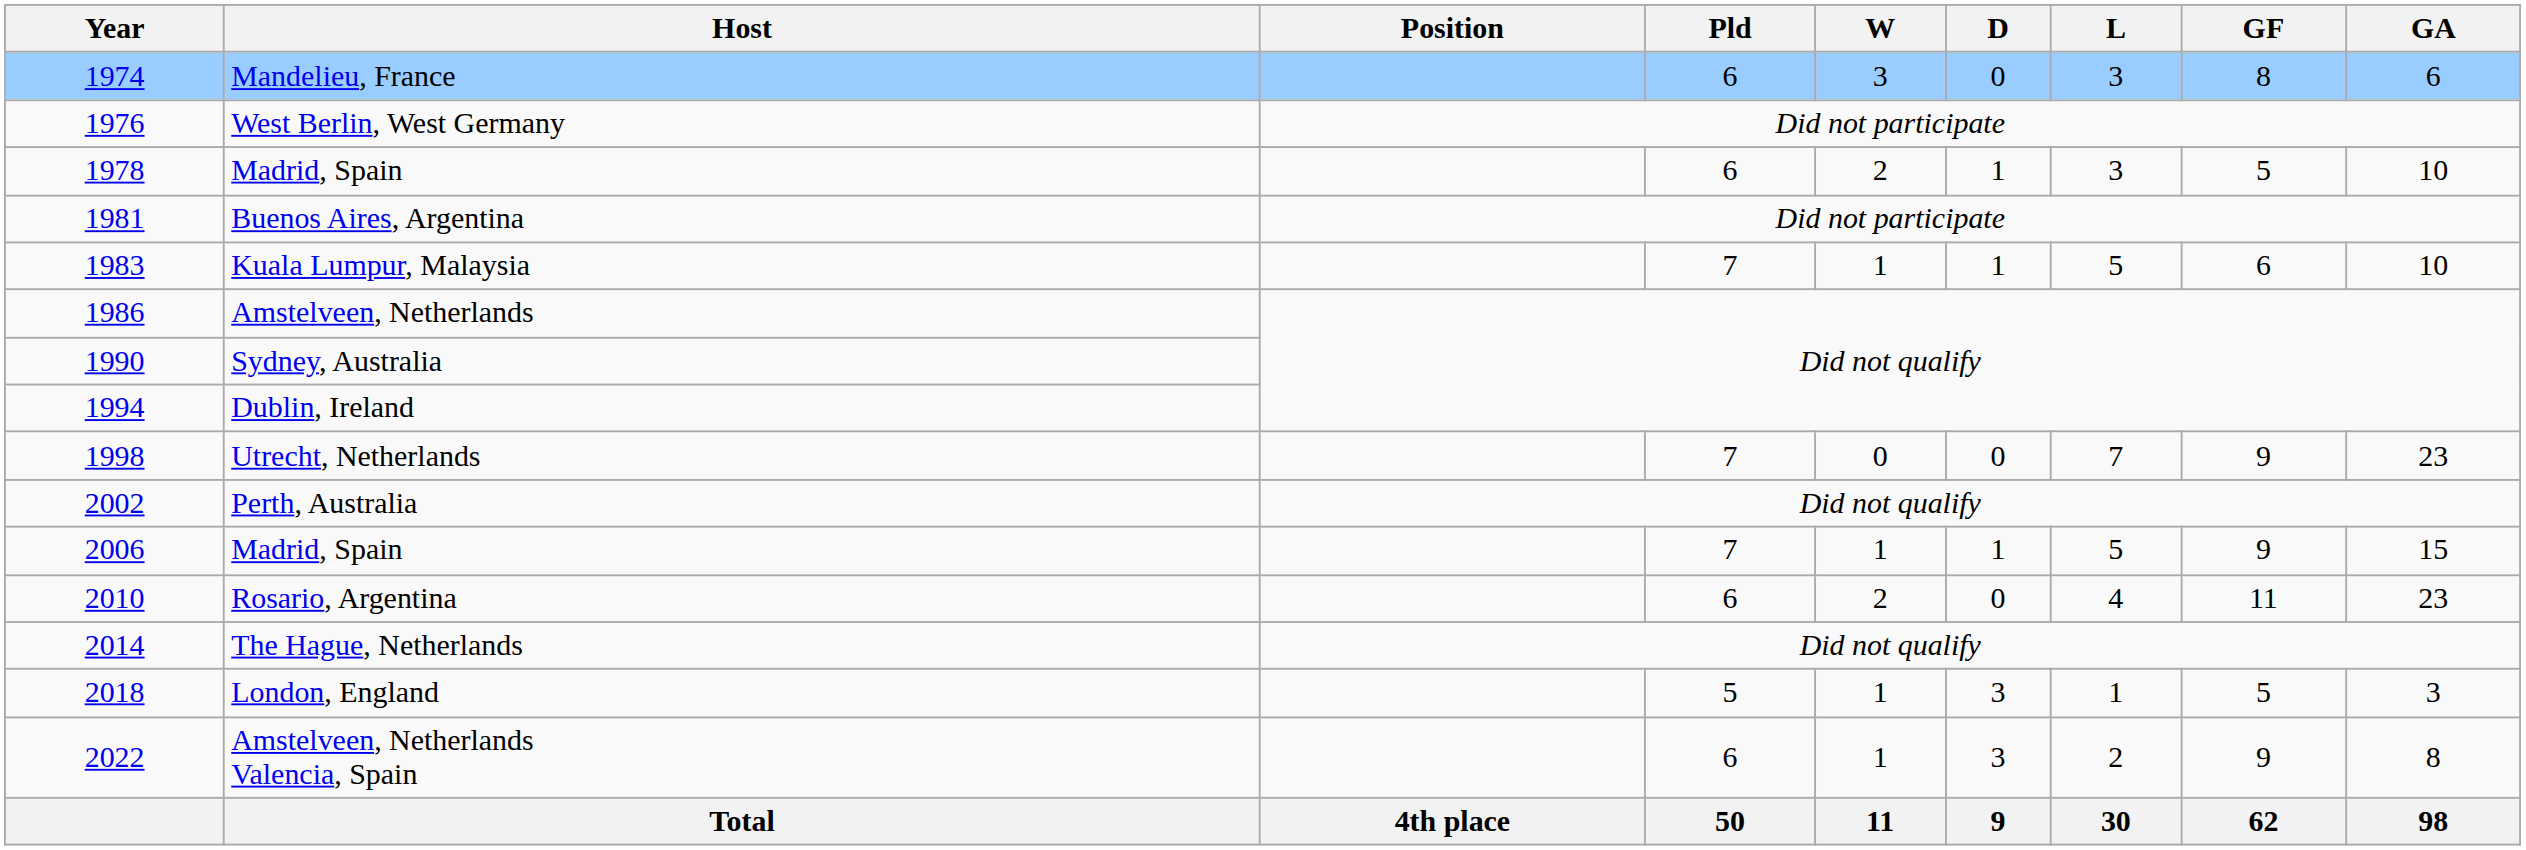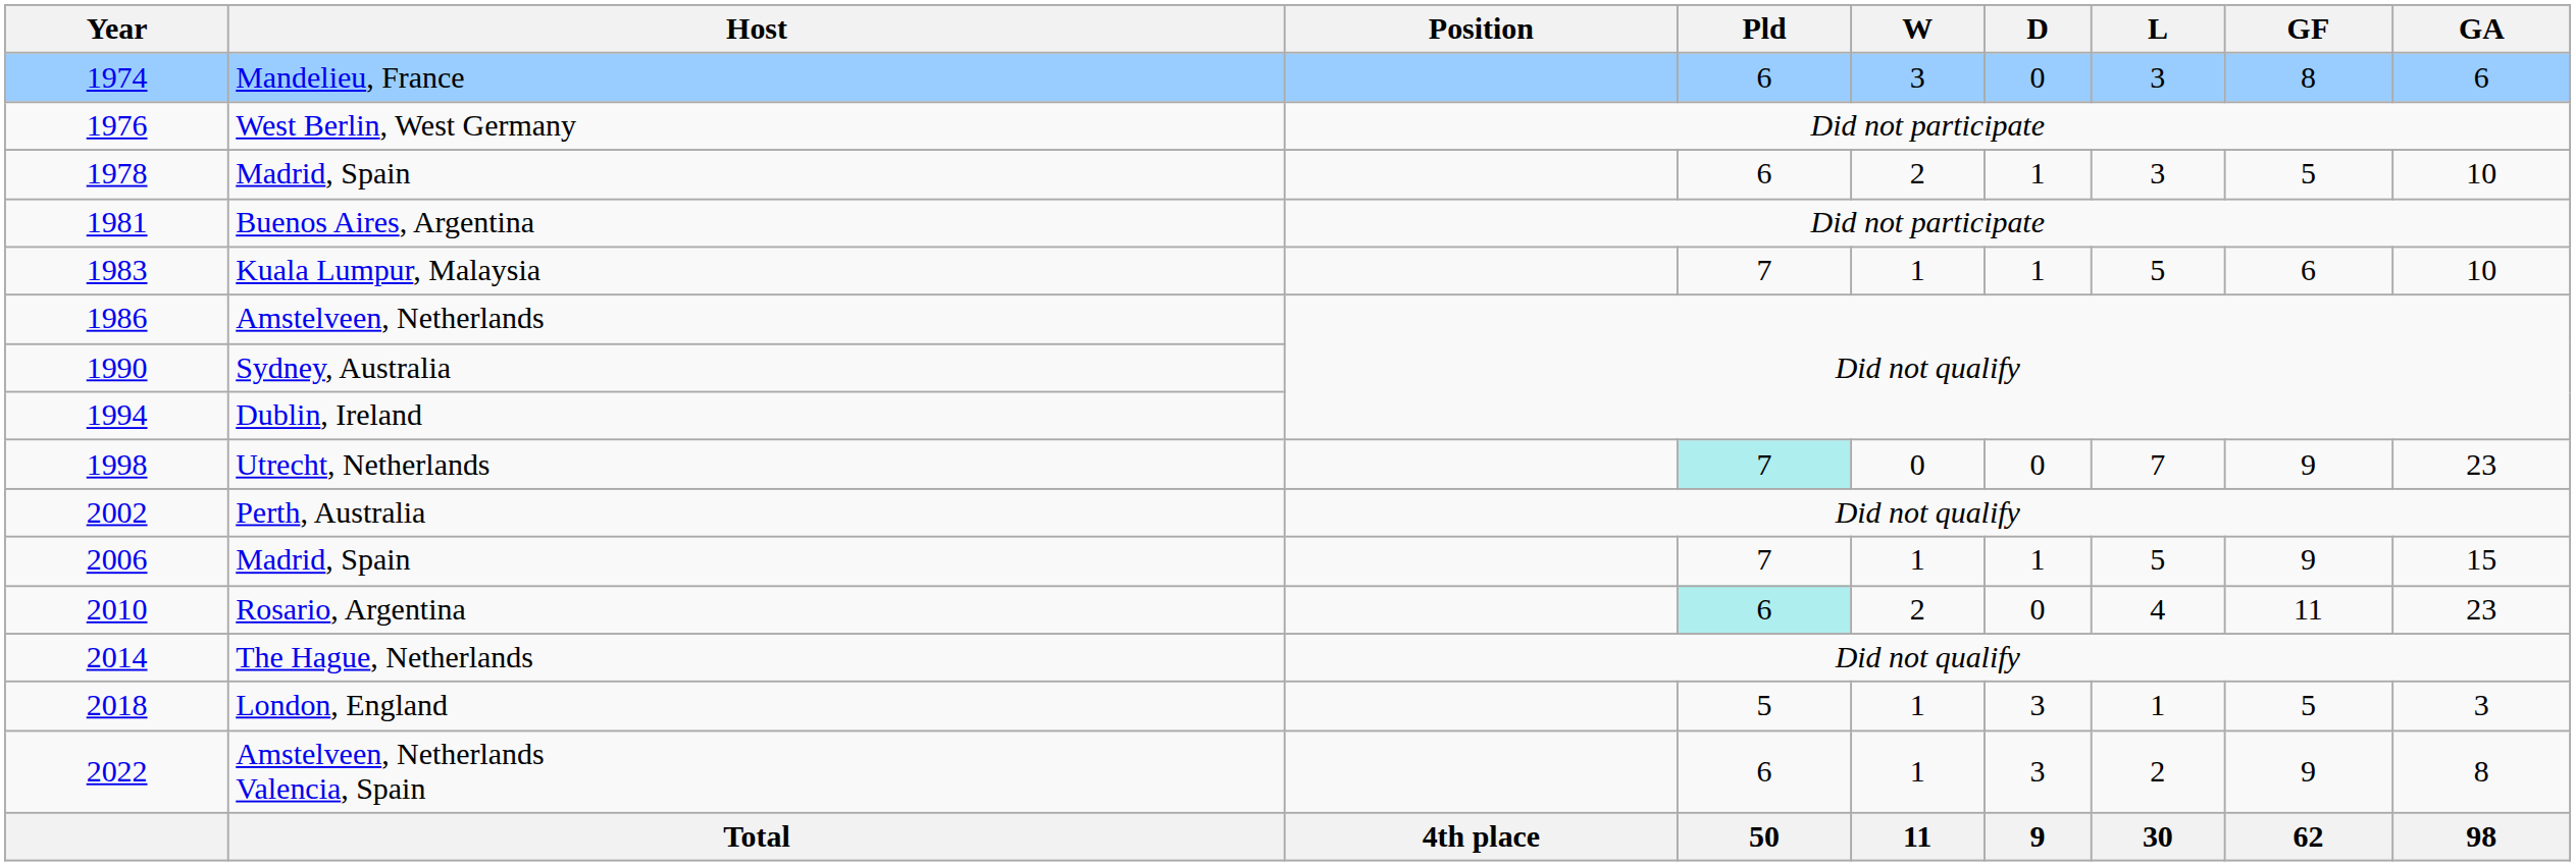 <table class="wikitable" style="text-align: center; width:85%">
 <tr>
 <th>Year</th>
 <th>Host</th>
 <th>Position</th>
 <th>Pld</th>
 <th>W</th>
 <th>D</th>
 <th>L</th>
 <th>GF</th>
 <th>GA</th>
 </tr>
 <tr style="background:#9acdff;">
 <td><a href='#'>1974</a></td>
 <td align=left> <a href='#'>Mandelieu</a>, France</td>
 <td></td>
 <td>6</td>
 <td>3</td>
 <td>0</td>
 <td>3</td>
 <td>8</td>
 <td>6</td>
 </tr>
 <tr>
 <td><a href='#'>1976</a></td>
 <td align=left> <a href='#'>West Berlin</a>, West Germany</td>
 <td colspan=8><em>Did not participate</em></td>
 </tr>
 <tr>
 <td><a href='#'>1978</a></td>
 <td align=left> <a href='#'>Madrid</a>, Spain</td>
 <td></td>
 <td>6</td>
 <td>2</td>
 <td>1</td>
 <td>3</td>
 <td>5</td>
 <td>10</td>
 </tr>
 <tr>
 <td><a href='#'>1981</a></td>
 <td align=left> <a href='#'>Buenos Aires</a>, Argentina</td>
 <td colspan=8><em>Did not participate</em></td>
 </tr>
 <tr>
 <td><a href='#'>1983</a></td>
 <td align=left> <a href='#'>Kuala Lumpur</a>, Malaysia</td>
 <td></td>
 <td>7</td>
 <td>1</td>
 <td>1</td>
 <td>5</td>
 <td>6</td>
 <td>10</td>
 </tr>
 <tr>
 <td><a href='#'>1986</a></td>
 <td align=left> <a href='#'>Amstelveen</a>, Netherlands</td>
 <td rowspan=3 colspan=8><em>Did not qualify</em></td>
 </tr>
 <tr>
 <td><a href='#'>1990</a></td>
 <td align=left> <a href='#'>Sydney</a>, Australia</td>
 </tr>
 <tr>
 <td><a href='#'>1994</a></td>
 <td align=left> <a href='#'>Dublin</a>, Ireland</td>
 </tr>
 <tr>
 <td><a href='#'>1998</a></td>
 <td align=left> <a href='#'>Utrecht</a>, Netherlands</td>
 <td></td>
-<td>7</td>
+<td style="background: paleturquoise;">7</td>
 <td>0</td>
 <td>0</td>
 <td>7</td>
 <td>9</td>
 <td>23</td>
 </tr>
 <tr>
 <td><a href='#'>2002</a></td>
 <td align=left> <a href='#'>Perth</a>, Australia</td>
 <td colspan=8><em>Did not qualify</em></td>
 </tr>
 <tr>
 <td><a href='#'>2006</a></td>
 <td align=left> <a href='#'>Madrid</a>, Spain</td>
 <td></td>
 <td>7</td>
 <td>1</td>
 <td>1</td>
 <td>5</td>
 <td>9</td>
 <td>15</td>
 </tr>
 <tr>
 <td><a href='#'>2010</a></td>
 <td align=left> <a href='#'>Rosario</a>, Argentina</td>
 <td></td>
-<td>6</td>
+<td style="background: paleturquoise;">6</td>
 <td>2</td>
 <td>0</td>
 <td>4</td>
 <td>11</td>
 <td>23</td>
 </tr>
 <tr>
 <td><a href='#'>2014</a></td>
 <td align=left> <a href='#'>The Hague</a>, Netherlands</td>
 <td colspan=8><em>Did not qualify</em></td>
 </tr>
 <tr>
 <td><a href='#'>2018</a></td>
 <td align=left> <a href='#'>London</a>, England</td>
 <td></td>
 <td>5</td>
 <td>1</td>
 <td>3</td>
 <td>1</td>
 <td>5</td>
 <td>3</td>
 </tr>
 <tr>
 <td><a href='#'>2022</a></td>
 <td align=left> <a href='#'>Amstelveen</a>, Netherlands<br> <a href='#'>Valencia</a>, Spain</td>
 <td></td>
 <td>6</td>
 <td>1</td>
 <td>3</td>
 <td>2</td>
 <td>9</td>
 <td>8</td>
 </tr>
 <tr>
 <th></th>
 <th>Total</th>
 <th>4th place</th>
 <th>50</th>
 <th>11</th>
 <th>9</th>
 <th>30</th>
 <th>62</th>
 <th>98</th>
 </tr>
 </table>
